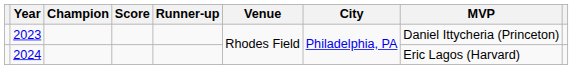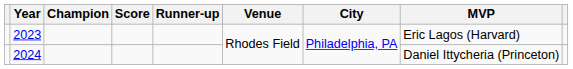 <table class="wikitable sortable" style="text-align: ;">
 <tr>
 <th width=px></th>
 <th width=px>Year</th>
 <th width=px>Champion</th>
 <th width=px>Score</th>
 <th width=px>Runner-up</th>
 <th width=px>Venue</th>
 <th width=px>City</th>
 <th width=px>MVP</th>
 <th width=px></th>
 </tr>
 <tr>
 <td></td>
 <td><a href='#'>2023</a></td>
 <td> </td>
 <td></td>
 <td></td>
 <td rowspan=2>Rhodes Field</td>
 <td rowspan=2><a href='#'>Philadelphia, PA</a></td>
-<td>Daniel Ittycheria (Princeton)</td>
+<td>Eric Lagos (Harvard)</td>
 <td></td>
 </tr>
 <tr>
 <td></td>
 <td><a href='#'>2024</a></td>
 <td> </td>
 <td></td>
 <td></td>
-<td>Eric Lagos (Harvard)</td>
+<td>Daniel Ittycheria (Princeton)</td>
 <td></td>
 </tr>
 </table>
